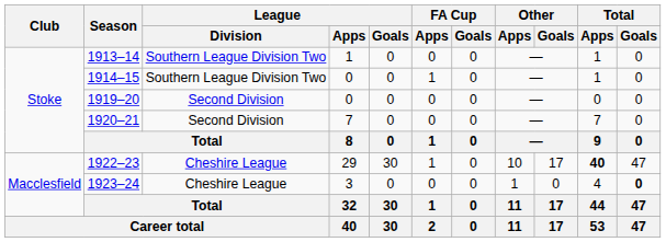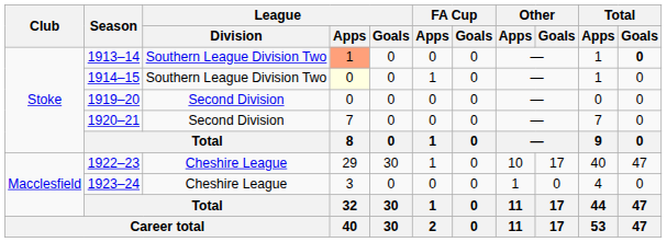 <table class="wikitable" style="text-align: center;">
 <tr>
 <th rowspan="2">Club</th>
 <th rowspan="2">Season</th>
 <th colspan="3">League</th>
 <th colspan="2">FA Cup</th>
 <th colspan="2">Other</th>
 <th colspan="2">Total</th>
 </tr>
 <tr>
 <th>Division</th>
 <th>Apps</th>
 <th>Goals</th>
 <th>Apps</th>
 <th>Goals</th>
 <th>Apps</th>
 <th>Goals</th>
 <th>Apps</th>
 <th>Goals</th>
 </tr>
 <tr>
 <td rowspan=5><a href='#'>Stoke</a></td>
 <td><a href='#'>1913–14</a></td>
 <td><a href='#'>Southern League Division Two</a></td>
-<td>1</td>
+<td style="background: lightsalmon;">1</td>
 <td>0</td>
 <td>0</td>
 <td>0</td>
 <td colspan="2">—</td>
 <td>1</td>
-<td>0</td>
+<td><strong>0</strong></td>
 </tr>
 <tr>
 <td><a href='#'>1914–15</a></td>
 <td>Southern League Division Two</td>
-<td>0</td>
+<td style="background: lightyellow;">0</td>
 <td>0</td>
 <td>1</td>
 <td>0</td>
 <td colspan="2">—</td>
 <td>1</td>
 <td>0</td>
 </tr>
 <tr>
 <td><a href='#'>1919–20</a></td>
 <td><a href='#'>Second Division</a></td>
 <td>0</td>
 <td>0</td>
 <td>0</td>
 <td>0</td>
 <td colspan="2">—</td>
 <td>0</td>
 <td>0</td>
 </tr>
 <tr>
 <td><a href='#'>1920–21</a></td>
 <td>Second Division</td>
 <td>7</td>
 <td>0</td>
 <td>0</td>
 <td>0</td>
 <td colspan="2">—</td>
 <td>7</td>
 <td>0</td>
 </tr>
 <tr>
 <th colspan=2>Total</th>
 <th>8</th>
 <th>0</th>
 <th>1</th>
 <th>0</th>
 <th colspan="2">—</th>
 <th>9</th>
 <th>0</th>
 </tr>
 <tr>
 <td rowspan=3><a href='#'>Macclesfield</a></td>
 <td><a href='#'>1922–23</a></td>
 <td><a href='#'>Cheshire League</a></td>
 <td>29</td>
 <td>30</td>
 <td>1</td>
 <td>0</td>
 <td>10</td>
 <td>17</td>
-<td><strong>40</strong></td>
+<td>40</td>
 <td>47</td>
 </tr>
 <tr>
 <td><a href='#'>1923–24</a></td>
 <td>Cheshire League</td>
 <td>3</td>
 <td>0</td>
 <td>0</td>
 <td>0</td>
 <td>1</td>
 <td>0</td>
 <td>4</td>
-<td><strong>0</strong></td>
+<td>0</td>
 </tr>
 <tr>
 <th colspan=2>Total</th>
 <th>32</th>
 <th>30</th>
 <th>1</th>
 <th>0</th>
 <th>11</th>
 <th>17</th>
 <th>44</th>
 <th>47</th>
 </tr>
 <tr>
 <th colspan=3>Career total</th>
 <th>40</th>
 <th>30</th>
 <th>2</th>
 <th>0</th>
 <th>11</th>
 <th>17</th>
 <th>53</th>
 <th>47</th>
 </tr>
 </table>
